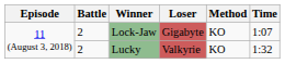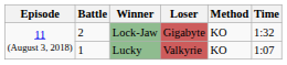 <table class="wikitable">
 <tr>
 <th>Episode</th>
 <th>Battle</th>
 <th>Winner</th>
 <th>Loser</th>
 <th>Method</th>
 <th>Time</th>
 </tr>
 <tr>
 <td style="text-align:center;" rowspan="2"><a href='#'>11</a><br><small>(August 3, 2018)</small></td>
 <td> 2</td>
 <td style="background:DarkSeaGreen;">Lock-Jaw</td>
 <td style="background:IndianRed;">Gigabyte</td>
 <td>KO</td>
-<td>1:07</td>
+<td>1:32</td>
 </tr>
 <tr>
-<td>2</td>
+<td>1</td>
 <td style="background:DarkSeaGreen;">Lucky</td>
 <td style="background:IndianRed;">Valkyrie</td>
 <td>KO</td>
-<td>1:32</td>
+<td>1:07</td>
 </tr>
 </table>
